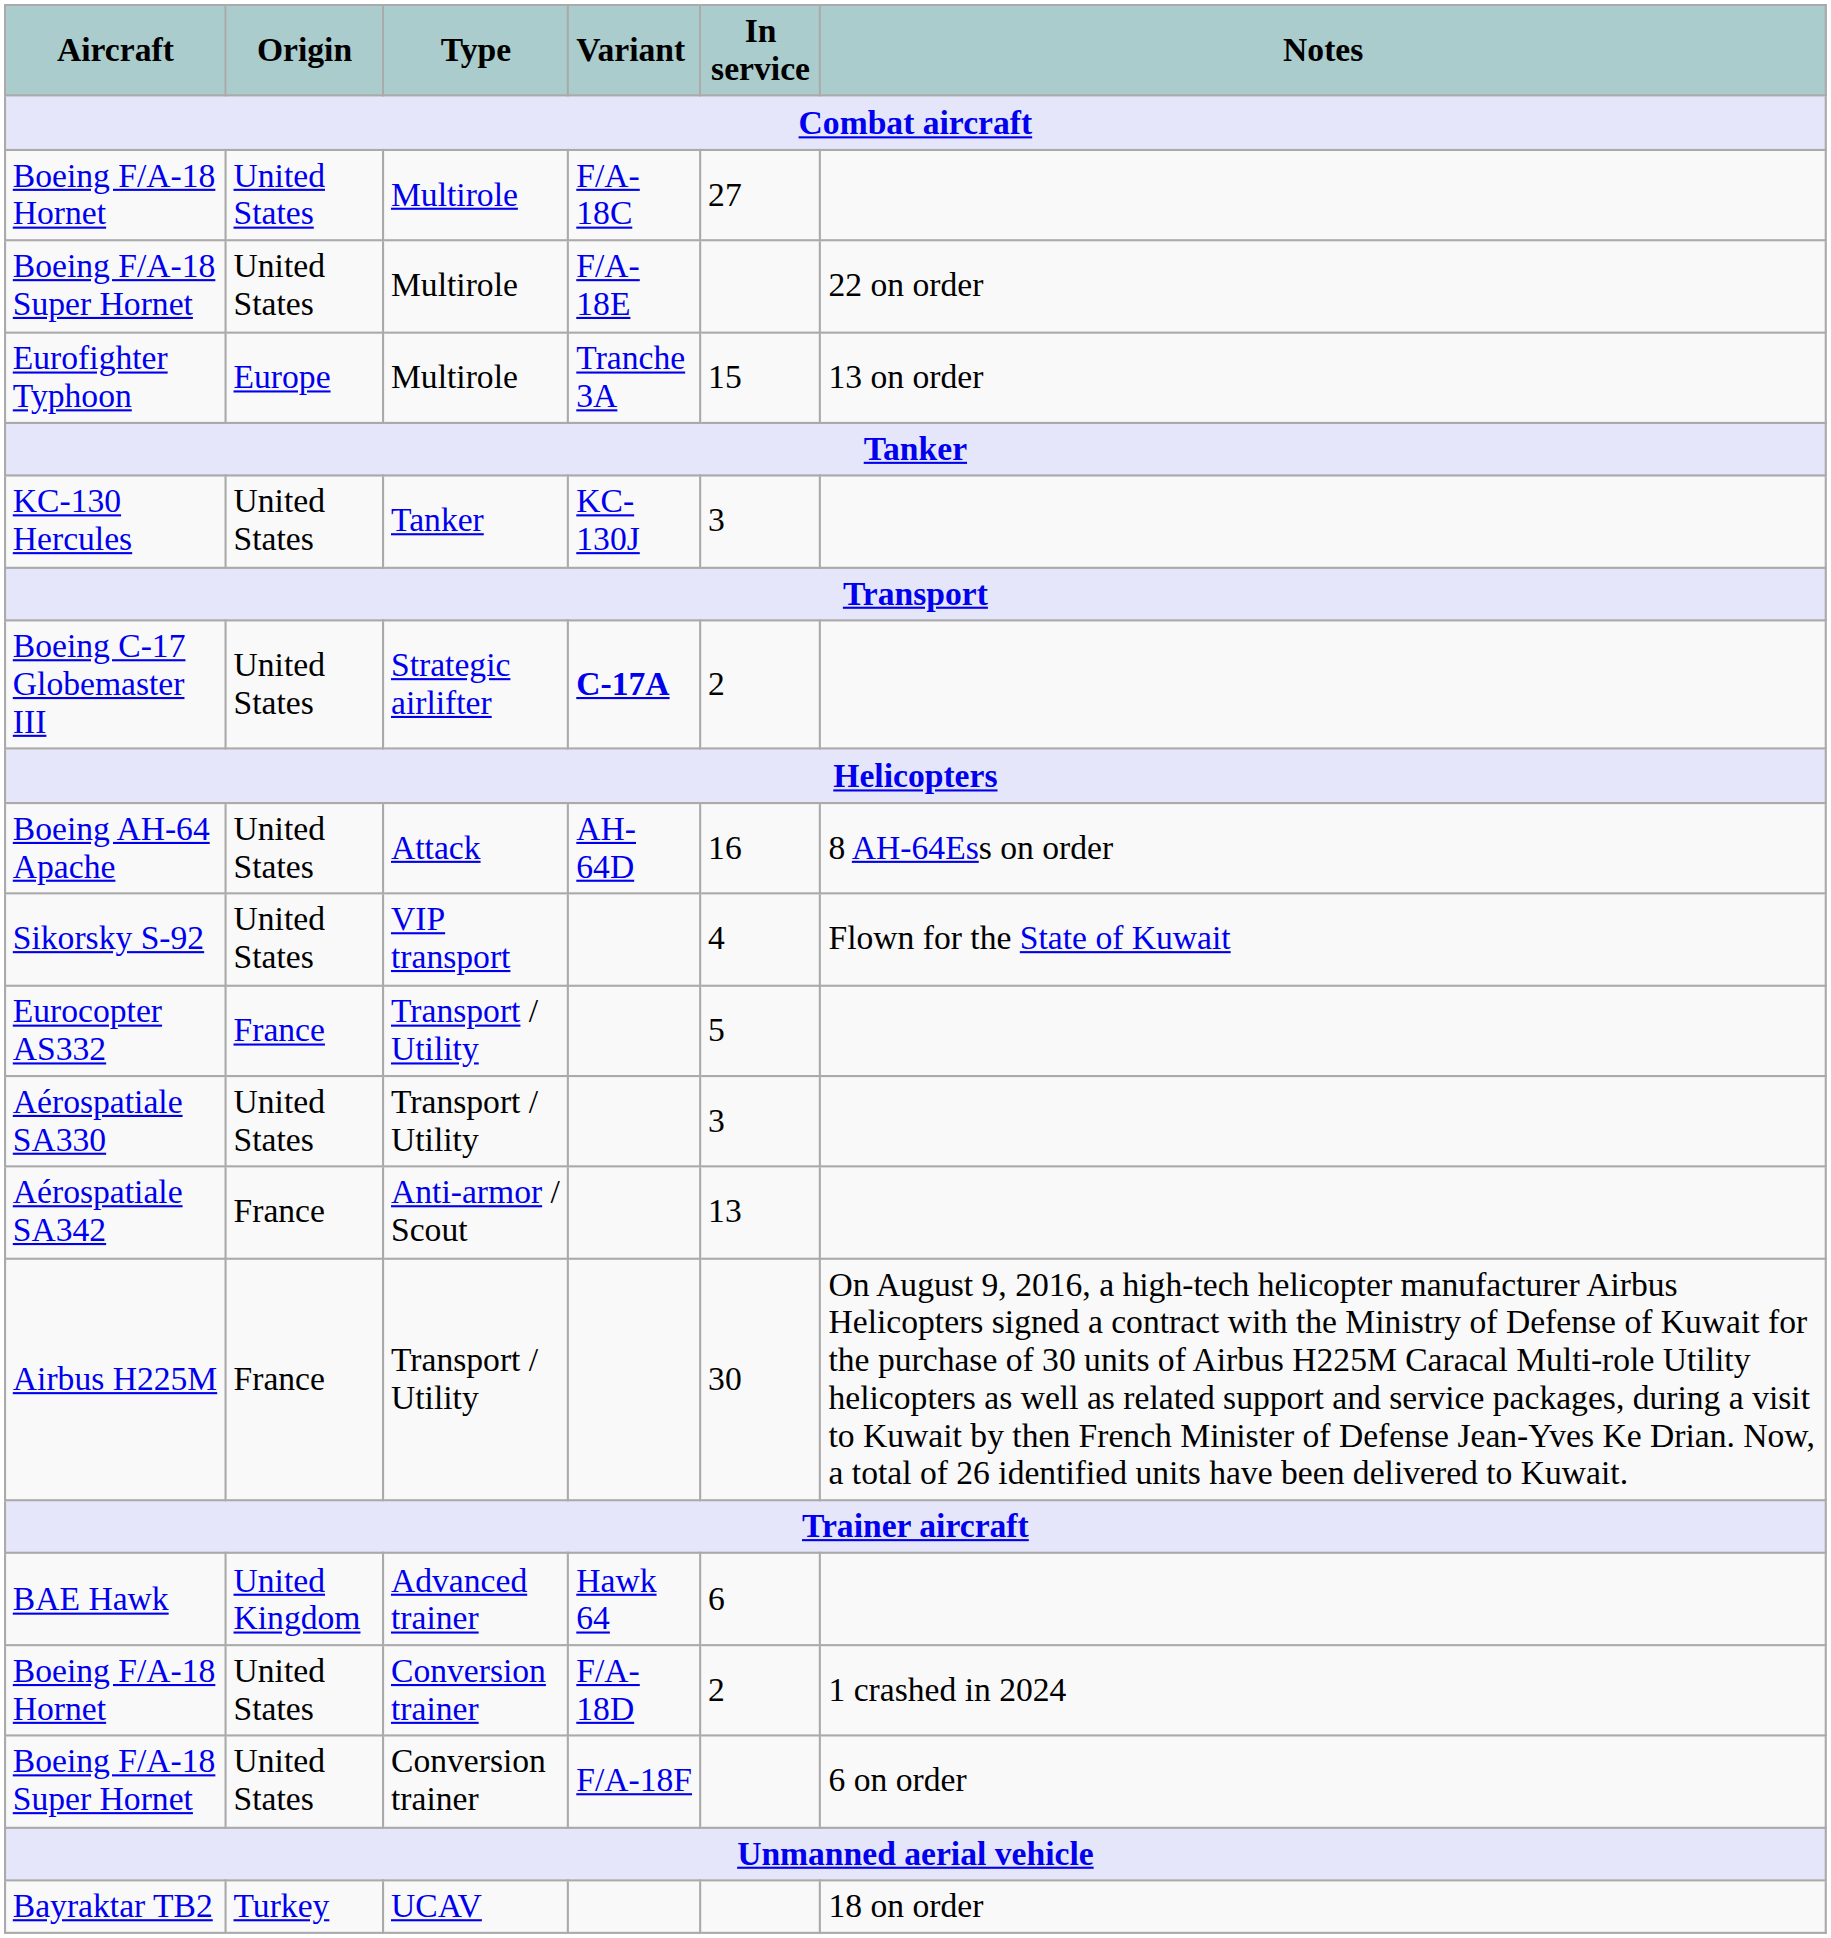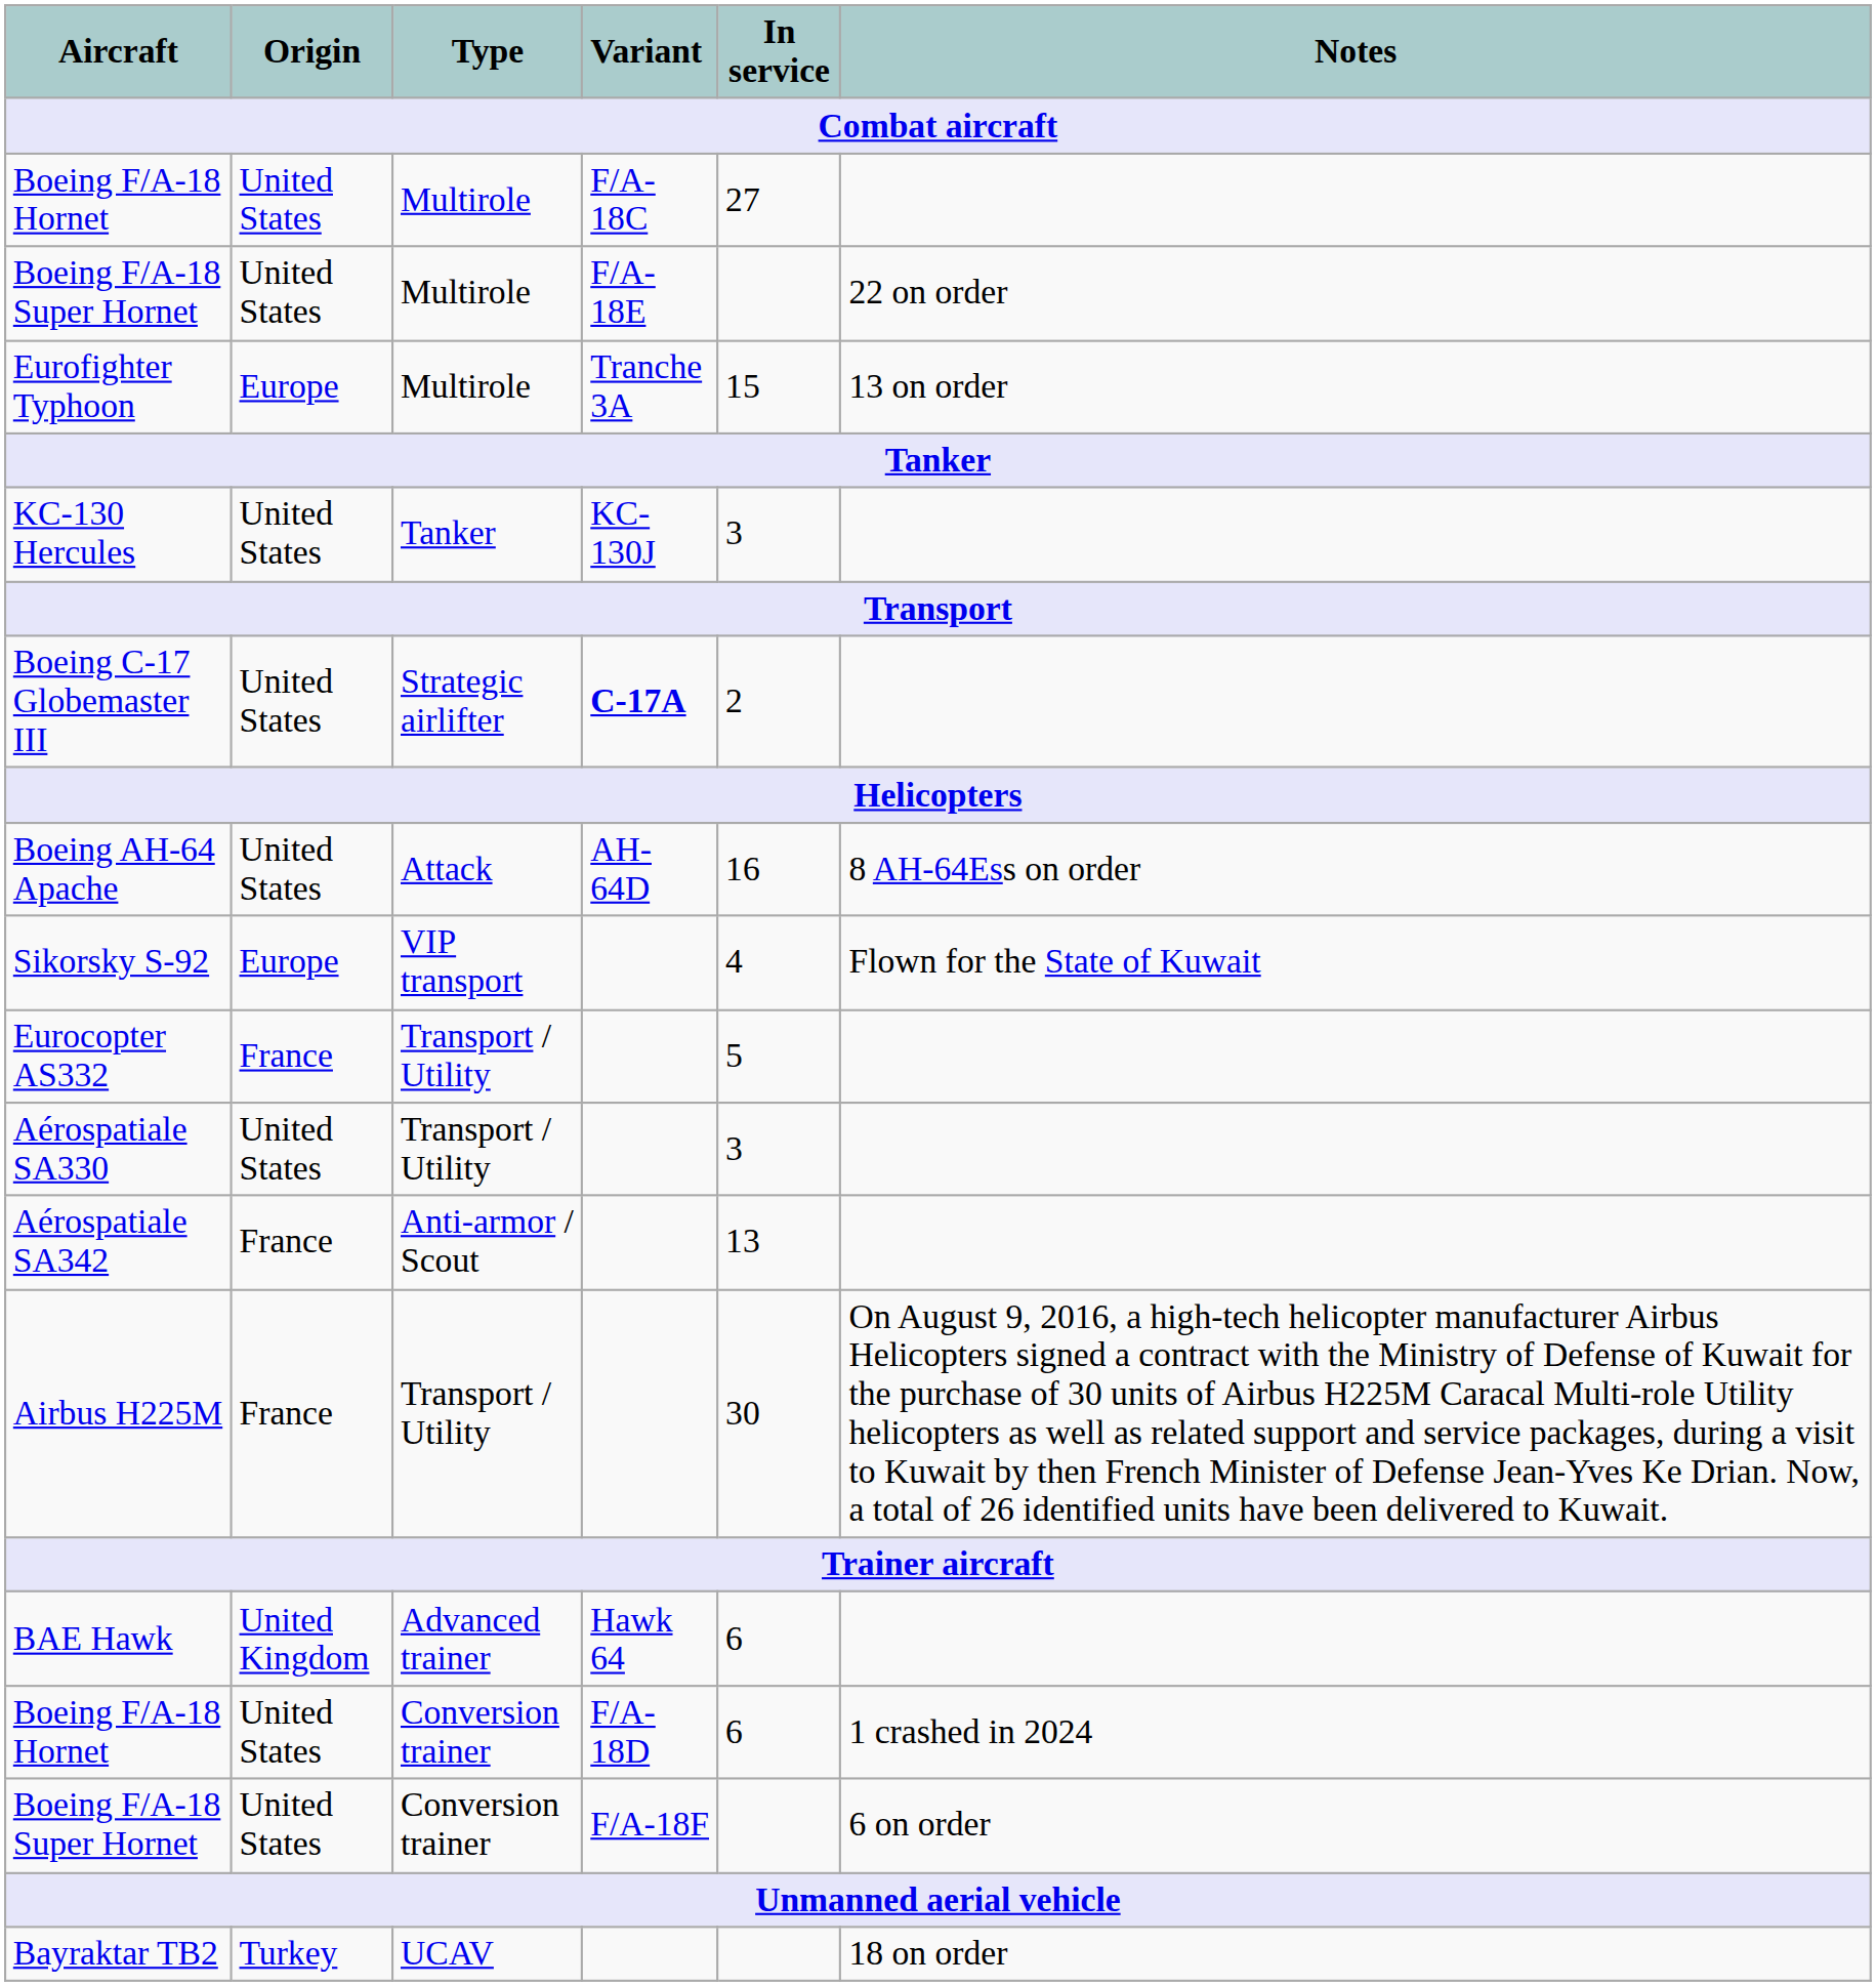 <table class="wikitable">
 <tr>
 <th style="text-align:center; background:#acc;">Aircraft</th>
 <th style="text-align: center; background:#acc;">Origin</th>
 <th style="text-align:l center; background:#acc;">Type</th>
 <th style="text-align:left; background:#acc;">Variant</th>
 <th style="text-align:center; background:#acc;">In service</th>
 <th style="text-align: center; background:#acc;">Notes</th>
 </tr>
 <tr>
 <th style="align: center; background: lavender;" colspan="7"><a href='#'>Combat aircraft</a></th>
 </tr>
 <tr>
 <td><a href='#'>Boeing F/A-18 Hornet</a></td>
 <td><a href='#'>United States</a></td>
 <td><a href='#'>Multirole</a></td>
 <td><a href='#'>F/A-18C</a></td>
 <td>27</td>
 <td></td>
 </tr>
 <tr>
 <td><a href='#'>Boeing F/A-18 Super Hornet</a></td>
 <td>United States</td>
 <td>Multirole</td>
 <td><a href='#'>F/A-18E</a></td>
 <td></td>
 <td>22 on order</td>
 </tr>
 <tr>
 <td><a href='#'>Eurofighter Typhoon</a></td>
 <td><a href='#'>Europe</a></td>
 <td>Multirole</td>
 <td><a href='#'>Tranche 3A</a></td>
 <td>15</td>
 <td>13 on order</td>
 </tr>
 <tr>
 <th style="align: center; background: lavender;" colspan="7"><a href='#'>Tanker</a></th>
 </tr>
 <tr>
 <td><a href='#'>KC-130 Hercules</a></td>
 <td>United States</td>
 <td><a href='#'>Tanker</a></td>
 <td><a href='#'>KC-130J</a></td>
 <td>3</td>
 <td></td>
 </tr>
 <tr>
 <th style="align: center; background: lavender;" colspan="7"><a href='#'>Transport</a></th>
 </tr>
 <tr>
 <td><a href='#'>Boeing C-17 Globemaster III</a></td>
 <td>United States</td>
 <td><a href='#'>Strategic airlifter</a></td>
 <td><strong><a href='#'>C-17A</a></strong></td>
 <td>2</td>
 <td></td>
 </tr>
 <tr>
 <th style="align: center; background: lavender;" colspan="7"><a href='#'>Helicopters</a></th>
 </tr>
 <tr>
 <td><a href='#'>Boeing AH-64 Apache</a></td>
 <td>United States</td>
 <td><a href='#'>Attack</a></td>
 <td><a href='#'>AH-64D</a></td>
 <td>16</td>
 <td>8 <a href='#'>AH-64Es</a>s on order </td>
 </tr>
 <tr>
 <td><a href='#'>Sikorsky S-92</a></td>
-<td>United States</td>
+<td><a href='#'>Europe</a></td>
 <td><a href='#'>VIP transport</a></td>
 <td></td>
 <td>4</td>
 <td>Flown for the <a href='#'>State of Kuwait</a></td>
 </tr>
 <tr>
 <td><a href='#'>Eurocopter AS332</a></td>
 <td><a href='#'>France</a></td>
 <td><a href='#'>Transport</a> / <a href='#'>Utility</a></td>
 <td></td>
 <td>5</td>
 <td></td>
 </tr>
 <tr>
 <td><a href='#'>Aérospatiale SA330</a></td>
 <td>United States</td>
 <td>Transport / Utility</td>
 <td></td>
 <td>3</td>
 <td></td>
 </tr>
 <tr>
 <td><a href='#'>Aérospatiale SA342</a></td>
 <td>France</td>
 <td><a href='#'>Anti-armor</a> / Scout</td>
 <td></td>
 <td>13</td>
 <td></td>
 </tr>
 <tr>
 <td><a href='#'>Airbus H225M</a></td>
 <td>France</td>
 <td>Transport / Utility</td>
 <td></td>
 <td>30</td>
 <td>On August 9, 2016, a high-tech helicopter manufacturer Airbus Helicopters signed a contract with the Ministry of Defense of Kuwait for the purchase of 30 units of Airbus H225M Caracal Multi-role Utility helicopters as well as related support and service packages, during a visit to Kuwait by then French Minister of Defense Jean-Yves Ke Drian. Now, a total of 26 identified units have been delivered to Kuwait.</td>
 </tr>
 <tr>
 <th style="align: center; background: lavender;" colspan="7"><a href='#'>Trainer aircraft</a></th>
 </tr>
 <tr>
 <td><a href='#'>BAE Hawk</a></td>
 <td><a href='#'>United Kingdom</a></td>
 <td><a href='#'>Advanced trainer</a></td>
 <td><a href='#'>Hawk 64</a></td>
 <td>6</td>
 <td></td>
 </tr>
 <tr>
 <td><a href='#'>Boeing F/A-18 Hornet</a></td>
 <td>United States</td>
 <td><a href='#'>Conversion trainer</a></td>
 <td><a href='#'>F/A-18D</a></td>
-<td>2</td>
+<td>6</td>
 <td>1 crashed in 2024</td>
 </tr>
 <tr>
 <td><a href='#'>Boeing F/A-18 Super Hornet</a></td>
 <td>United States</td>
 <td>Conversion trainer</td>
 <td><a href='#'>F/A-18F</a></td>
 <td></td>
 <td>6 on order</td>
 </tr>
 <tr>
 <th style="align: center; background: lavender;" colspan="7"><a href='#'>Unmanned aerial vehicle</a></th>
 </tr>
 <tr>
 <td><a href='#'>Bayraktar TB2</a></td>
 <td><a href='#'>Turkey</a></td>
 <td><a href='#'>UCAV</a></td>
 <td></td>
 <td></td>
 <td>18 on order</td>
 </tr>
 </table>
